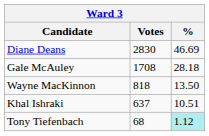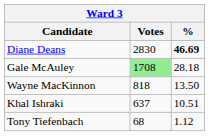 <table class="wikitable">
 <tr>
 <th colspan="3"><a href='#'>Ward 3</a></th>
 </tr>
 <tr>
 <th style="width: 170px">Candidate</th>
 <th style="width: 50px">Votes</th>
 <th style="width: 40px">%</th>
 </tr>
 <tr>
 <td><a href='#'>Diane Deans</a></td>
 <td>2830</td>
-<td>46.69</td>
+<td><strong>46.69</strong></td>
 </tr>
 <tr>
 <td>Gale McAuley</td>
-<td>1708</td>
+<td style="background: lightgreen;">1708</td>
 <td>28.18</td>
 </tr>
 <tr>
 <td>Wayne MacKinnon</td>
 <td>818</td>
 <td>13.50</td>
 </tr>
 <tr>
 <td>Khal Ishraki</td>
 <td>637</td>
 <td>10.51</td>
 </tr>
 <tr>
 <td>Tony Tiefenbach</td>
 <td>68</td>
-<td style="background: paleturquoise;">1.12</td>
+<td>1.12</td>
 </tr>
 </table>
